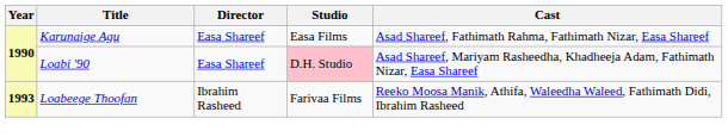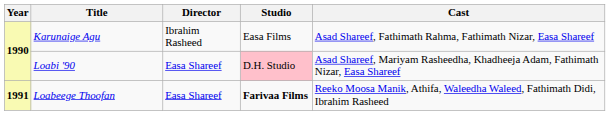 <table class="wikitable plainrowheaders" width="100%">
 <tr>
 <th scope="col" width=4%>Year</th>
 <th scope="col" width=22%>Title</th>
 <th scope="col" width=13%>Director</th>
 <th scope="col" width=12%>Studio</th>
 <th scope="col" width=60%>Cast</th>
 </tr>
 <tr>
 <td rowspan="2" style="text-align:center; background:#f9fab3; textcolor:#000;"> <strong>1990</strong></td>
 <td><em><a href='#'>Karunaige Agu</a></em></td>
-<td><a href='#'>Easa Shareef</a></td>
+<td>Ibrahim Rasheed</td>
 <td>Easa Films</td>
 <td><a href='#'>Asad Shareef</a>, Fathimath Rahma, Fathimath Nizar, <a href='#'>Easa Shareef</a></td>
 </tr>
 <tr>
 <td><em><a href='#'>Loabi '90</a></em></td>
 <td><a href='#'>Easa Shareef</a></td>
 <td style="background: pink;">D.H. Studio</td>
 <td><a href='#'>Asad Shareef</a>, Mariyam Rasheedha, Khadheeja Adam, Fathimath Nizar, <a href='#'>Easa Shareef</a></td>
 </tr>
 <tr>
-<td style="text-align:center; background:#f9fab3; textcolor:#000;"> <strong>1993</strong></td>
+<td style="text-align:center; background:#f9fab3; textcolor:#000;"> <strong>1991</strong></td>
 <td><em><a href='#'>Loabeege Thoofan</a></em></td>
-<td>Ibrahim Rasheed</td>
-<td>Farivaa Films</td>
+<td><a href='#'>Easa Shareef</a></td>
+<td><strong>Farivaa Films</strong></td>
 <td><a href='#'>Reeko Moosa Manik</a>, Athifa, <a href='#'>Waleedha Waleed</a>, Fathimath Didi, Ibrahim Rasheed</td>
 </tr>
 </table>
